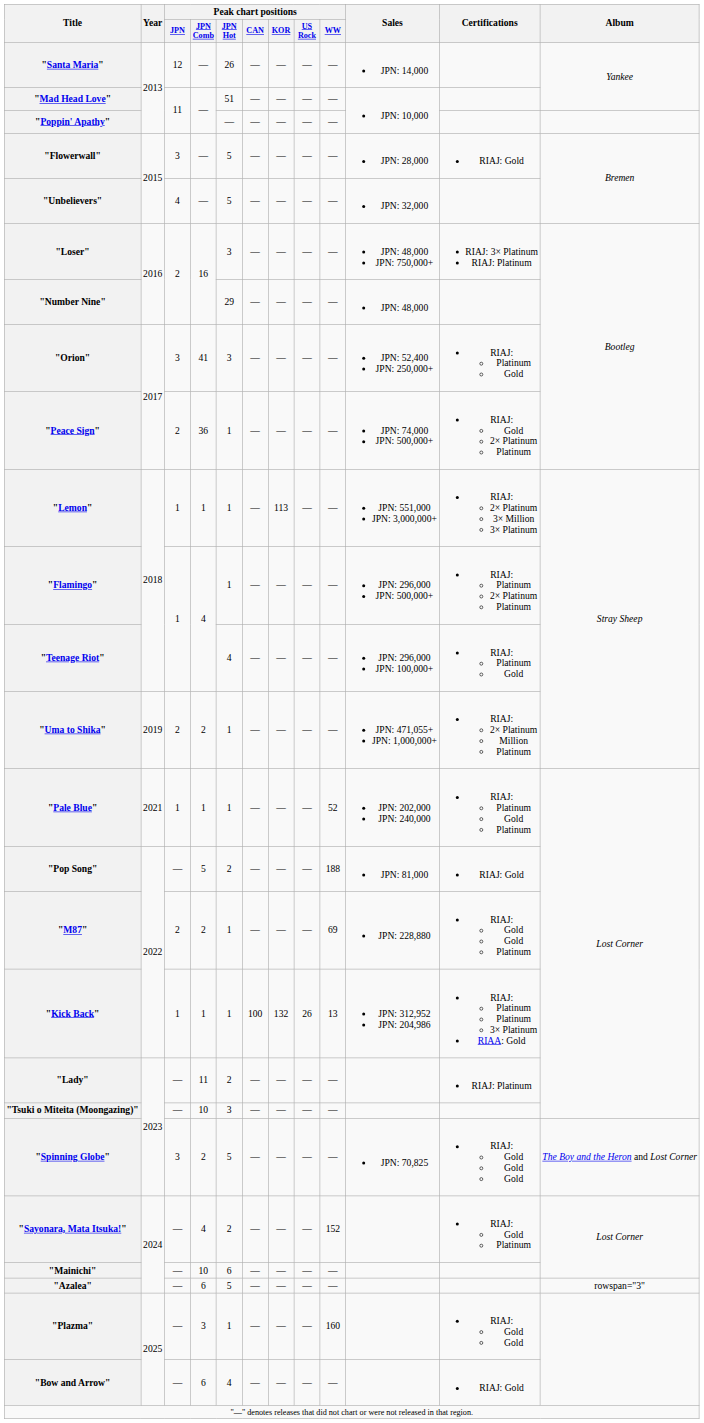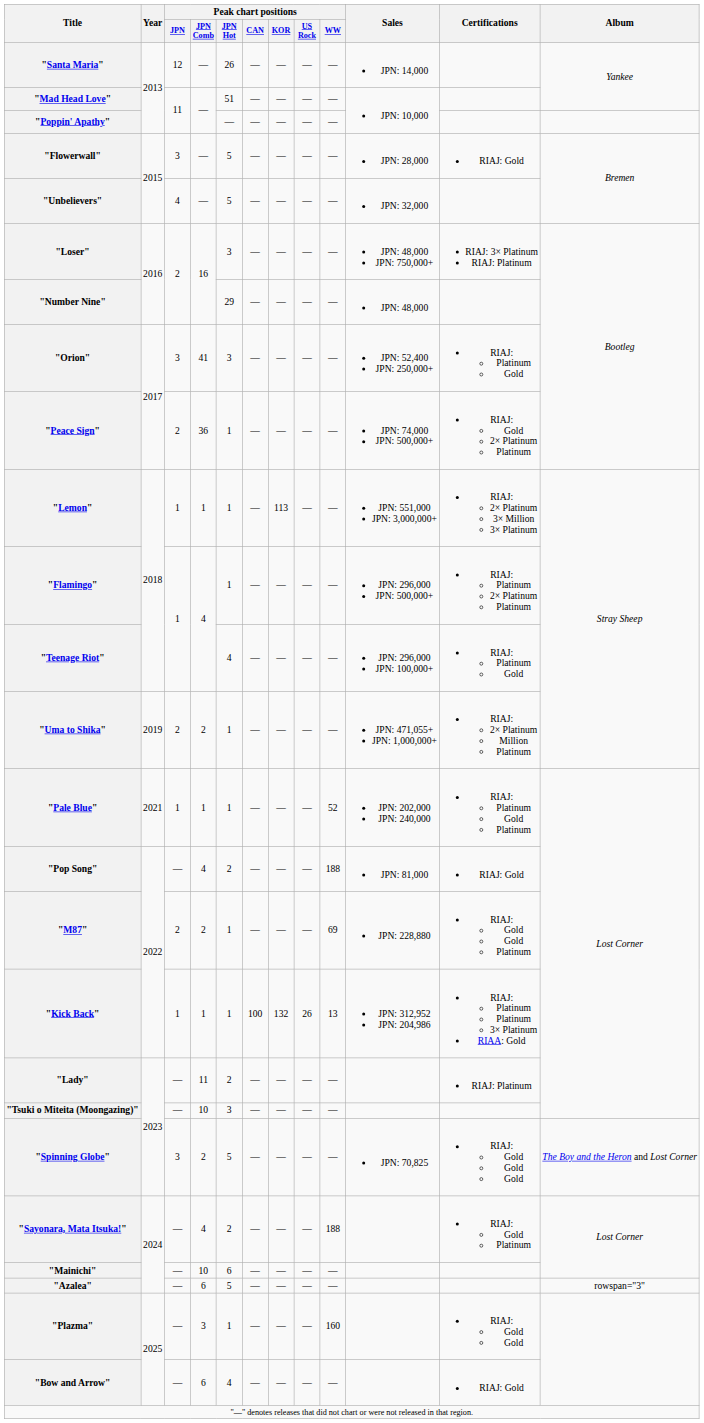 <table class="wikitable plainrowheaders" style="text-align:center;">
 <tr>
 <th scope="col" rowspan="2">Title</th>
 <th scope="col" rowspan="2">Year</th>
 <th scope="col" colspan="7">Peak chart positions</th>
 <th scope="col" rowspan="2">Sales</th>
 <th scope="col" rowspan="2">Certifications</th>
 <th scope="col" rowspan="2">Album</th>
 </tr>
 <tr>
 <th scope="col" style="width:2.7em;font-size:85%;"><a href='#'>JPN</a><br></th>
 <th scope="col" style="width:2.7em;font-size:85%;"><a href='#'>JPN<br>Comb</a><br></th>
 <th scope="col" style="width:2.7em;font-size:85%;"><a href='#'>JPN<br>Hot</a><br></th>
 <th scope="col" style="width:2.7em;font-size:85%;"><a href='#'>CAN</a><br></th>
 <th scope="col" style="width:2.7em;font-size:85%;"><a href='#'>KOR</a><br></th>
 <th scope="col" style="width:2.7em;font-size:85%;"><a href='#'>US Rock</a><br></th>
 <th scope="col" style="width:2.7em;font-size:85%;"><a href='#'>WW</a><br></th>
 </tr>
 <tr>
 <th scope="row">"<a href='#'>Santa Maria</a>" </th>
 <td rowspan="3">2013</td>
 <td>12</td>
 <td>—</td>
 <td>26</td>
 <td>—</td>
 <td>—</td>
 <td>—</td>
 <td>—</td>
 <td><br><ul><li>JPN: 14,000 </li></ul></td>
 <td></td>
 <td rowspan="2"><em>Yankee</em></td>
 </tr>
 <tr>
 <th scope="row">"<a href='#'>Mad Head Love</a>"</th>
 <td rowspan="2">11</td>
 <td rowspan="2">—</td>
 <td>51</td>
 <td>—</td>
 <td>—</td>
 <td>—</td>
 <td>—</td>
 <td rowspan="2"><br><ul><li>JPN: 10,000 </li></ul></td>
 <td></td>
 </tr>
 <tr>
 <th scope="row">"<a href='#'>Poppin' Apathy</a>" </th>
 <td>—</td>
 <td>—</td>
 <td>—</td>
 <td>—</td>
 <td>—</td>
 <td></td>
 <td></td>
 </tr>
 <tr>
 <th scope="row">"Flowerwall"</th>
 <td rowspan="2">2015</td>
 <td>3</td>
 <td>—</td>
 <td>5</td>
 <td>—</td>
 <td>—</td>
 <td>—</td>
 <td>—</td>
 <td><br><ul><li>JPN: 28,000 </li></ul></td>
 <td><br><ul><li>RIAJ: Gold </li></ul></td>
 <td rowspan="2"><em>Bremen</em></td>
 </tr>
 <tr>
 <th scope="row">"Unbelievers" </th>
 <td>4</td>
 <td>—</td>
 <td>5</td>
 <td>—</td>
 <td>—</td>
 <td>—</td>
 <td>—</td>
 <td><br><ul><li>JPN: 32,000 </li></ul></td>
 <td></td>
 </tr>
 <tr>
 <th scope="row">"Loser"</th>
 <td rowspan="2">2016</td>
 <td rowspan="2">2</td>
 <td rowspan="2">16</td>
 <td>3</td>
 <td>—</td>
 <td>—</td>
 <td>—</td>
 <td>—</td>
 <td><br><ul><li>JPN: 48,000 </li><li>JPN: 750,000+ </li></ul></td>
 <td><br><ul><li>RIAJ: 3× Platinum </li><li>RIAJ: Platinum </li></ul></td>
 <td rowspan="4"><em>Bootleg</em></td>
 </tr>
 <tr>
 <th scope="row">"Number Nine" </th>
 <td>29</td>
 <td>—</td>
 <td>—</td>
 <td>—</td>
 <td>—</td>
 <td><br><ul><li>JPN: 48,000 </li></ul></td>
 <td></td>
 </tr>
 <tr>
 <th scope="row">"Orion"</th>
 <td rowspan="2">2017</td>
 <td>3</td>
 <td>41</td>
 <td>3</td>
 <td>—</td>
 <td>—</td>
 <td>—</td>
 <td>—</td>
 <td><br><ul><li>JPN: 52,400 </li><li>JPN: 250,000+ </li></ul></td>
 <td><br><ul><li>RIAJ:<ul><li>Platinum </li><li>Gold </li></ul></li></ul></td>
 </tr>
 <tr>
 <th scope="row">"<a href='#'>Peace Sign</a>"</th>
 <td>2</td>
 <td>36</td>
 <td>1</td>
 <td>—</td>
 <td>—</td>
 <td>—</td>
 <td>—</td>
 <td><br><ul><li>JPN: 74,000 </li><li>JPN: 500,000+ </li></ul></td>
 <td><br><ul><li>RIAJ:<ul><li>Gold </li><li>2× Platinum </li><li>Platinum </li></ul></li></ul></td>
 </tr>
 <tr>
 <th scope="row">"<a href='#'>Lemon</a>"</th>
 <td rowspan="3">2018</td>
 <td>1</td>
 <td>1</td>
 <td>1</td>
 <td>—</td>
 <td>113</td>
 <td>—</td>
 <td>—</td>
 <td><br><ul><li>JPN: 551,000 </li><li>JPN: 3,000,000+ </li></ul></td>
 <td><br><ul><li>RIAJ:<ul><li>2× Platinum </li><li>3× Million </li><li>3× Platinum </li></ul></li></ul></td>
 <td rowspan="4"><em>Stray Sheep</em></td>
 </tr>
 <tr>
 <th scope="row">"<a href='#'>Flamingo</a>"</th>
 <td rowspan="2">1</td>
 <td rowspan="2">4</td>
 <td>1</td>
 <td>—</td>
 <td>—</td>
 <td>—</td>
 <td>—</td>
 <td><br><ul><li>JPN: 296,000 </li><li>JPN: 500,000+ </li></ul></td>
 <td><br><ul><li>RIAJ:<ul><li>Platinum </li><li>2× Platinum </li><li>Platinum </li></ul></li></ul></td>
 </tr>
 <tr>
 <th scope="row">"<a href='#'>Teenage Riot</a>"</th>
 <td>4</td>
 <td>—</td>
 <td>—</td>
 <td>—</td>
 <td>—</td>
 <td><br><ul><li>JPN: 296,000 </li><li>JPN: 100,000+ </li></ul></td>
 <td><br><ul><li>RIAJ:<ul><li>Platinum </li><li>Gold </li></ul></li></ul></td>
 </tr>
 <tr>
 <th scope="row">"<a href='#'>Uma to Shika</a>" </th>
 <td>2019</td>
 <td>2</td>
 <td>2</td>
 <td>1</td>
 <td>—</td>
 <td>—</td>
 <td>—</td>
 <td>—</td>
 <td><br><ul><li>JPN: 471,055+ </li><li>JPN: 1,000,000+ </li></ul></td>
 <td><br><ul><li>RIAJ:<ul><li>2× Platinum </li><li>Million </li><li>Platinum </li></ul></li></ul></td>
 </tr>
 <tr>
 <th scope="row">"<a href='#'>Pale Blue</a>"</th>
 <td>2021</td>
 <td>1</td>
 <td>1</td>
 <td>1</td>
 <td>—</td>
 <td>—</td>
 <td>—</td>
 <td>52</td>
 <td><br><ul><li>JPN: 202,000  </li><li>JPN: 240,000  </li></ul></td>
 <td><br><ul><li>RIAJ:<ul><li>Platinum </li><li>Gold </li><li>Platinum </li></ul></li></ul></td>
 <td rowspan="6"><em>Lost Corner</em></td>
 </tr>
 <tr>
 <th scope="row">"Pop Song"</th>
 <td rowspan="3">2022</td>
 <td>—</td>
-<td>5</td>
+<td>4</td>
 <td>2</td>
 <td>—</td>
 <td>—</td>
 <td>—</td>
 <td>188</td>
 <td><br><ul><li>JPN: 81,000 </li></ul></td>
 <td><br><ul><li>RIAJ: Gold </li></ul></td>
 </tr>
 <tr>
 <th scope="row">"<a href='#'>M87</a>" </th>
 <td>2</td>
 <td>2</td>
 <td>1</td>
 <td>—</td>
 <td>—</td>
 <td>—</td>
 <td>69</td>
 <td><br><ul><li>JPN: 228,880 </li></ul></td>
 <td><br><ul><li>RIAJ:<ul><li>Gold </li><li>Gold </li><li>Platinum </li></ul></li></ul></td>
 </tr>
 <tr>
 <th scope="row">"<a href='#'>Kick Back</a>"</th>
 <td>1</td>
 <td>1</td>
 <td>1</td>
 <td>100</td>
 <td>132</td>
 <td>26</td>
 <td>13</td>
 <td><br><ul><li>JPN: 312,952 </li><li>JPN: 204,986 </li></ul></td>
 <td><br><ul><li>RIAJ:<ul><li>Platinum </li><li>Platinum </li><li>3× Platinum </li></ul></li><li><a href='#'>RIAA</a>: Gold</li></ul></td>
 </tr>
 <tr>
 <th scope="row">"Lady"</th>
 <td rowspan="3">2023</td>
 <td>—</td>
 <td>11</td>
 <td>2</td>
 <td>—</td>
 <td>—</td>
 <td>—</td>
 <td>—</td>
 <td></td>
 <td><br><ul><li>RIAJ: Platinum </li></ul></td>
 </tr>
 <tr>
 <th scope="row">"Tsuki o Miteita (Moongazing)" </th>
 <td>—</td>
 <td>10</td>
 <td>3</td>
 <td>—</td>
 <td>—</td>
 <td>—</td>
 <td>—</td>
 <td></td>
 </tr>
 <tr>
 <th scope="row">"<a href='#'>Spinning Globe</a>" </th>
 <td>3</td>
 <td>2</td>
 <td>5</td>
 <td>—</td>
 <td>—</td>
 <td>—</td>
 <td>—</td>
 <td><br><ul><li>JPN: 70,825 </li></ul></td>
 <td><br><ul><li>RIAJ:<ul><li>Gold </li><li>Gold </li><li>Gold </li></ul></li></ul></td>
 <td><em><a href='#'>The Boy and the Heron</a></em> and <em>Lost Corner</em></td>
 </tr>
 <tr>
 <th scope="row">"<a href='#'>Sayonara, Mata Itsuka!</a>" </th>
 <td rowspan="3">2024</td>
 <td>—</td>
 <td>4</td>
 <td>2</td>
 <td>—</td>
 <td>—</td>
 <td>—</td>
-<td>152</td>
+<td>188</td>
 <td></td>
 <td><br><ul><li>RIAJ:<ul><li>Gold </li><li>Platinum </li></ul></li></ul></td>
 <td rowspan="2"><em>Lost Corner</em></td>
 </tr>
 <tr>
 <th scope="row">"Mainichi" </th>
 <td>—</td>
 <td>10</td>
 <td>6</td>
 <td>—</td>
 <td>—</td>
 <td>—</td>
 <td>—</td>
 <td></td>
 <td></td>
 </tr>
 <tr>
 <th scope="row">"Azalea"</th>
 <td>—</td>
 <td>6</td>
 <td>5</td>
 <td>—</td>
 <td>—</td>
 <td>—</td>
 <td>—</td>
 <td></td>
 <td></td>
 <td>rowspan="3" </td>
 </tr>
 <tr>
 <th scope="row">"Plazma"</th>
 <td rowspan="2">2025</td>
 <td>—</td>
 <td>3</td>
 <td>1</td>
 <td>—</td>
 <td>—</td>
 <td>—</td>
 <td>160</td>
 <td></td>
 <td><br><ul><li>RIAJ:<ul><li>Gold </li><li>Gold </li></ul></li></ul></td>
 </tr>
 <tr>
 <th scope="row">"Bow and Arrow"</th>
 <td>—</td>
 <td>6</td>
 <td>4</td>
 <td>—</td>
 <td>—</td>
 <td>—</td>
 <td>—</td>
 <td></td>
 <td><br><ul><li>RIAJ: Gold </li></ul></td>
 </tr>
 <tr>
 <td colspan="12" style="font-size:85%">"—" denotes releases that did not chart or were not released in that region.</td>
 </tr>
 </table>
